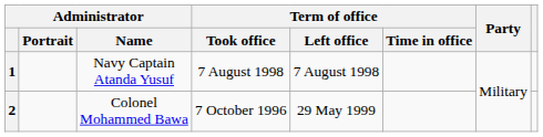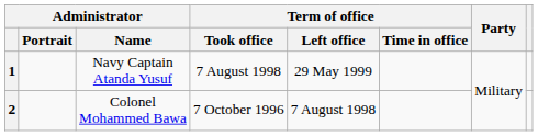 <table class="wikitable" style="text-align:center">
 <tr>
 <th colspan=3>Administrator</th>
 <th colspan=3>Term of office</th>
 <th rowspan=2>Party</th>
 <th rowspan=2></th>
 </tr>
 <tr>
 <th></th>
 <th>Portrait</th>
 <th>Name<br></th>
 <th>Took office</th>
 <th>Left office</th>
 <th>Time in office</th>
 </tr>
 <tr>
 <th style="background:">1</th>
 <td></td>
 <td>Navy Captain<br><a href='#'>Atanda Yusuf</a></td>
 <td>7 August 1998</td>
-<td>7 August 1998</td>
+<td>29 May 1999</td>
 <td></td>
 <td rowspan="2">Military</td>
 <td></td>
 </tr>
 <tr>
 <th style="background:">2</th>
 <td></td>
 <td>Colonel<br><a href='#'>Mohammed Bawa</a><br></td>
 <td>7 October 1996</td>
-<td>29 May 1999</td>
+<td>7 August 1998</td>
 <td></td>
 <td></td>
 </tr>
 </table>
